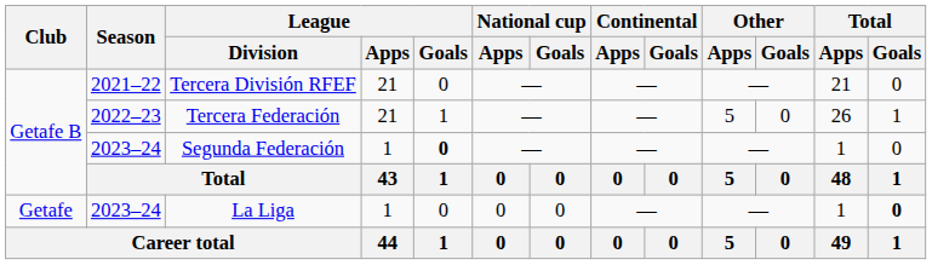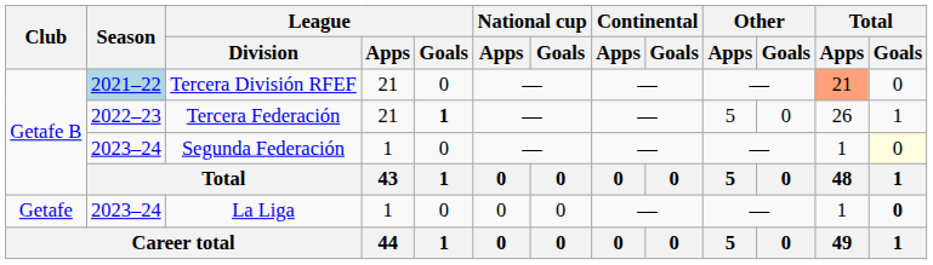 <table class="wikitable" style="text-align:center">
 <tr>
 <th rowspan="2">Club</th>
 <th rowspan="2">Season</th>
 <th colspan="3">League</th>
 <th colspan="2">National cup</th>
 <th colspan="2">Continental</th>
 <th colspan="2">Other</th>
 <th colspan="2">Total</th>
 </tr>
 <tr>
 <th>Division</th>
 <th>Apps</th>
 <th>Goals</th>
 <th>Apps</th>
 <th>Goals</th>
 <th>Apps</th>
 <th>Goals</th>
 <th>Apps</th>
 <th>Goals</th>
 <th>Apps</th>
 <th>Goals</th>
 </tr>
 <tr>
 <td rowspan="4"><a href='#'>Getafe B</a></td>
-<td><a href='#'>2021–22</a></td>
+<td style="background: lightblue;"><a href='#'>2021–22</a></td>
 <td><a href='#'>Tercera División RFEF</a></td>
 <td>21</td>
 <td>0</td>
 <td colspan="2">—</td>
 <td colspan="2">—</td>
 <td colspan="2">—</td>
-<td>21</td>
+<td style="background: lightsalmon;">21</td>
 <td>0</td>
 </tr>
 <tr>
 <td><a href='#'>2022–23</a></td>
 <td><a href='#'>Tercera Federación</a></td>
 <td>21</td>
-<td>1</td>
+<td><strong>1</strong></td>
 <td colspan="2">—</td>
 <td colspan="2">—</td>
 <td>5</td>
 <td>0</td>
 <td>26</td>
 <td>1</td>
 </tr>
 <tr>
 <td><a href='#'>2023–24</a></td>
 <td><a href='#'>Segunda Federación</a></td>
 <td>1</td>
-<td><strong>0</strong></td>
+<td>0</td>
 <td colspan="2">—</td>
 <td colspan="2">—</td>
 <td colspan="2">—</td>
 <td>1</td>
-<td>0</td>
+<td style="background: lightyellow;">0</td>
 </tr>
 <tr>
 <th colspan="2">Total</th>
 <th>43</th>
 <th>1</th>
 <th>0</th>
 <th>0</th>
 <th>0</th>
 <th>0</th>
 <th>5</th>
 <th>0</th>
 <th>48</th>
 <th>1</th>
 </tr>
 <tr>
 <td><a href='#'>Getafe</a></td>
 <td><a href='#'>2023–24</a></td>
 <td><a href='#'>La Liga</a></td>
 <td>1</td>
 <td>0</td>
 <td>0</td>
 <td>0</td>
 <td colspan="2">—</td>
 <td colspan="2">—</td>
 <td>1</td>
 <td><strong>0</strong></td>
 </tr>
 <tr>
 <th colspan="3">Career total</th>
 <th>44</th>
 <th>1</th>
 <th>0</th>
 <th>0</th>
 <th>0</th>
 <th>0</th>
 <th>5</th>
 <th>0</th>
 <th>49</th>
 <th>1</th>
 </tr>
 </table>
